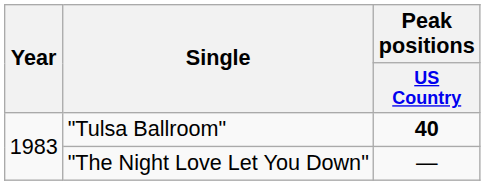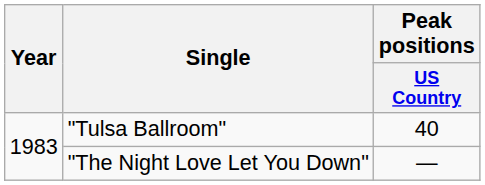 <table class="wikitable" style="text-align:center;">
 <tr>
 <th rowspan="2">Year</th>
 <th rowspan="2">Single</th>
 <th colspan="1">Peak positions</th>
 </tr>
 <tr style="font-size:smaller;">
 <th width="65"><a href='#'>US Country</a></th>
 </tr>
 <tr>
 <td rowspan="2">1983</td>
 <td align="left">"Tulsa Ballroom"</td>
-<td><strong>40</strong></td>
+<td>40</td>
 </tr>
 <tr>
 <td align="left">"The Night Love Let You Down"</td>
 <td>—</td>
 </tr>
 </table>
